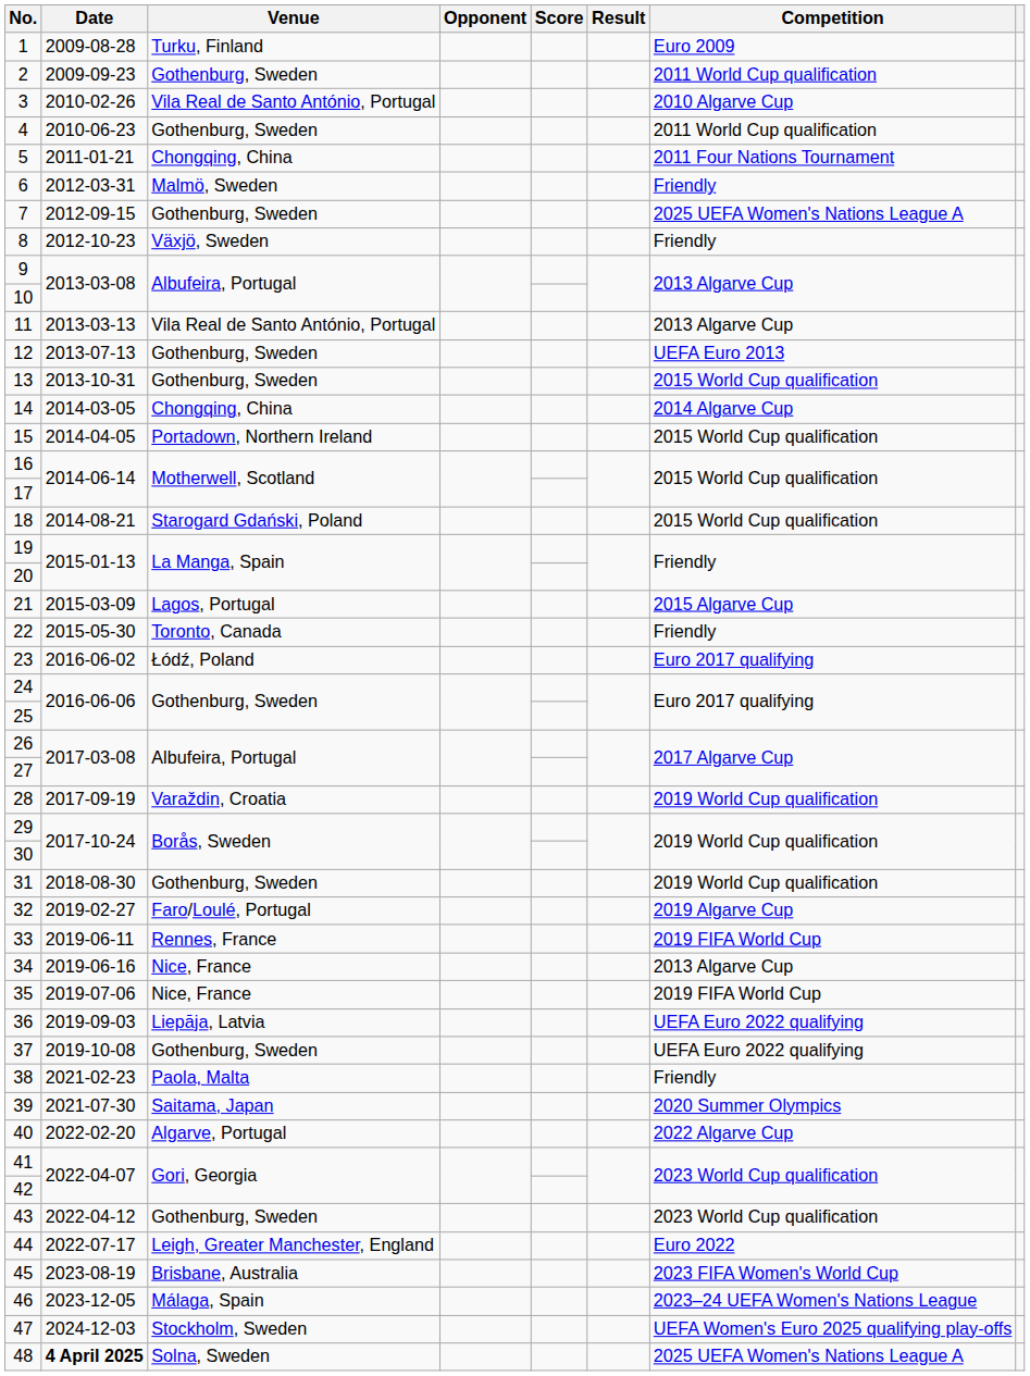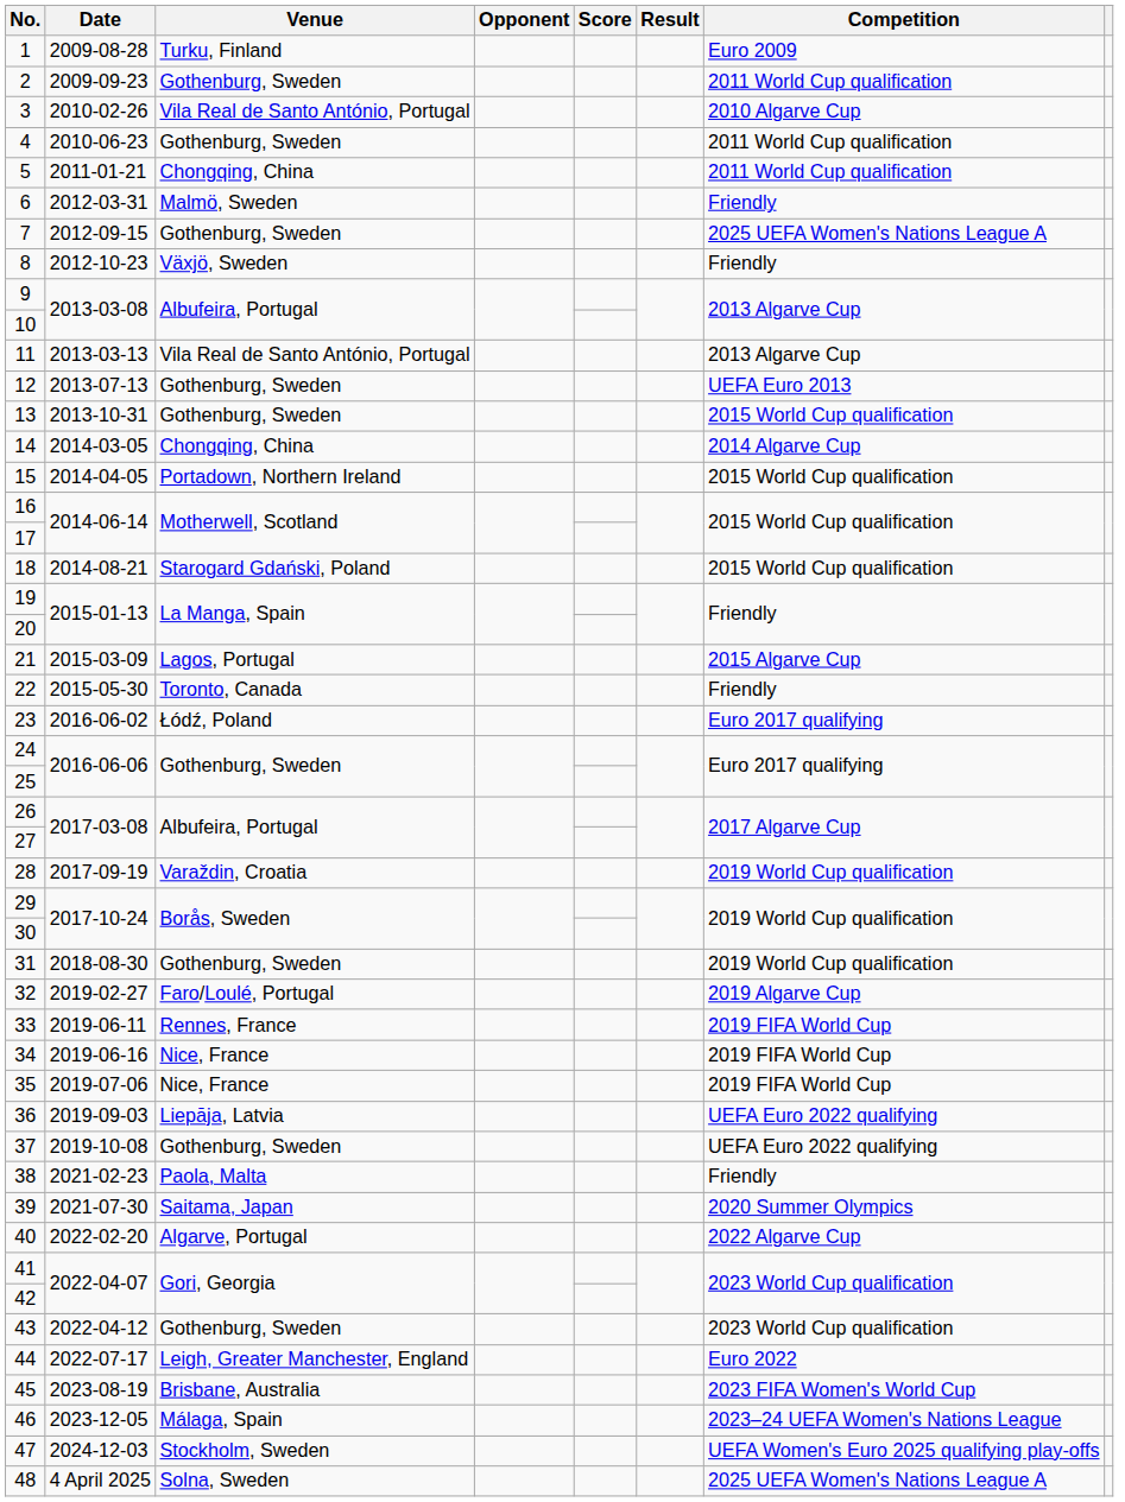 <table class="wikitable sortable">
 <tr>
 <th scope="col">No.</th>
 <th scope="col">Date</th>
 <th scope="col">Venue</th>
 <th scope="col">Opponent</th>
 <th scope="col">Score</th>
 <th scope="col">Result</th>
 <th scope="col">Competition</th>
 <th scope="col" class="unsortable"></th>
 </tr>
 <tr>
 <td align="center">1</td>
 <td>2009-08-28</td>
 <td><a href='#'>Turku</a>, Finland</td>
 <td></td>
 <td align="center"></td>
 <td align="center"></td>
 <td><a href='#'>Euro 2009</a></td>
 <td></td>
 </tr>
 <tr>
 <td align="center">2</td>
 <td>2009-09-23</td>
 <td><a href='#'>Gothenburg</a>, Sweden</td>
 <td></td>
 <td align="center"></td>
 <td align="center"></td>
 <td><a href='#'>2011 World Cup qualification</a></td>
 <td></td>
 </tr>
 <tr>
 <td align="center">3</td>
 <td>2010-02-26</td>
 <td><a href='#'>Vila Real de Santo António</a>, Portugal</td>
 <td></td>
 <td align="center"></td>
 <td align="center"></td>
 <td><a href='#'>2010 Algarve Cup</a></td>
 <td></td>
 </tr>
 <tr>
 <td align="center">4</td>
 <td>2010-06-23</td>
 <td>Gothenburg, Sweden</td>
 <td></td>
 <td align="center"></td>
 <td align="center"></td>
 <td>2011 World Cup qualification</td>
 <td></td>
 </tr>
 <tr>
 <td align="center">5</td>
 <td>2011-01-21</td>
 <td><a href='#'>Chongqing</a>, China</td>
 <td></td>
 <td align="center"></td>
 <td align="center"></td>
-<td><a href='#'>2011 Four Nations Tournament</a></td>
+<td><a href='#'>2011 World Cup qualification</a></td>
 <td></td>
 </tr>
 <tr>
 <td align="center">6</td>
 <td>2012-03-31</td>
 <td><a href='#'>Malmö</a>, Sweden</td>
 <td></td>
 <td align="center"></td>
 <td align="center"></td>
 <td><a href='#'>Friendly</a></td>
 <td></td>
 </tr>
 <tr>
 <td align="center">7</td>
 <td>2012-09-15</td>
 <td>Gothenburg, Sweden</td>
 <td></td>
 <td align="center"></td>
 <td align="center"></td>
 <td><a href='#'>2025 UEFA Women's Nations League A</a></td>
 <td></td>
 </tr>
 <tr>
 <td align="center">8</td>
 <td>2012-10-23</td>
 <td><a href='#'>Växjö</a>, Sweden</td>
 <td></td>
 <td align="center"></td>
 <td align="center"></td>
 <td>Friendly</td>
 <td></td>
 </tr>
 <tr>
 <td align="center">9</td>
 <td rowspan="2">2013-03-08</td>
 <td rowspan="2"><a href='#'>Albufeira</a>, Portugal</td>
 <td rowspan="2"></td>
 <td align="center"></td>
 <td rowspan="2" style="text-align:center"></td>
 <td rowspan="2"><a href='#'>2013 Algarve Cup</a></td>
 <td rowspan="2"></td>
 </tr>
 <tr>
 <td align="center">10</td>
 <td align="center"></td>
 </tr>
 <tr>
 <td align="center">11</td>
 <td>2013-03-13</td>
 <td>Vila Real de Santo António, Portugal</td>
 <td></td>
 <td align="center"></td>
 <td align="center"></td>
 <td>2013 Algarve Cup</td>
 <td></td>
 </tr>
 <tr>
 <td align="center">12</td>
 <td>2013-07-13</td>
 <td>Gothenburg, Sweden</td>
 <td></td>
 <td align="center"></td>
 <td align="center"></td>
 <td><a href='#'>UEFA Euro 2013</a></td>
 <td></td>
 </tr>
 <tr>
 <td align="center">13</td>
 <td>2013-10-31</td>
 <td>Gothenburg, Sweden</td>
 <td></td>
 <td align="center"></td>
 <td align="center"></td>
 <td><a href='#'>2015 World Cup qualification</a></td>
 <td></td>
 </tr>
 <tr>
 <td align="center">14</td>
 <td>2014-03-05</td>
 <td><a href='#'>Chongqing</a>, China</td>
 <td></td>
 <td align="center"></td>
 <td align="center"></td>
 <td><a href='#'>2014 Algarve Cup</a></td>
 <td></td>
 </tr>
 <tr>
 <td align="center">15</td>
 <td>2014-04-05</td>
 <td><a href='#'>Portadown</a>, Northern Ireland</td>
 <td></td>
 <td align="center"></td>
 <td align="center"></td>
 <td>2015 World Cup qualification</td>
 <td></td>
 </tr>
 <tr>
 <td align="center">16</td>
 <td rowspan="2">2014-06-14</td>
 <td rowspan="2"><a href='#'>Motherwell</a>, Scotland</td>
 <td rowspan="2"></td>
 <td align="center"></td>
 <td rowspan="2" style="text-align:center"></td>
 <td rowspan="2">2015 World Cup qualification</td>
 <td rowspan="2"></td>
 </tr>
 <tr>
 <td align="center">17</td>
 <td align="center"></td>
 </tr>
 <tr>
 <td align="center">18</td>
 <td>2014-08-21</td>
 <td><a href='#'>Starogard Gdański</a>, Poland</td>
 <td></td>
 <td align="center"></td>
 <td align="center"></td>
 <td>2015 World Cup qualification</td>
 <td></td>
 </tr>
 <tr>
 <td align="center">19</td>
 <td rowspan="2">2015-01-13</td>
 <td rowspan="2"><a href='#'>La Manga</a>, Spain</td>
 <td rowspan="2"></td>
 <td align="center"></td>
 <td rowspan="2" style="text-align:center"></td>
 <td rowspan="2">Friendly</td>
 <td rowspan="2"></td>
 </tr>
 <tr>
 <td align="center">20</td>
 <td align="center"></td>
 </tr>
 <tr>
 <td align="center">21</td>
 <td>2015-03-09</td>
 <td><a href='#'>Lagos</a>, Portugal</td>
 <td></td>
 <td align="center"></td>
 <td align="center"></td>
 <td><a href='#'>2015 Algarve Cup</a></td>
 <td></td>
 </tr>
 <tr>
 <td align="center">22</td>
 <td>2015-05-30</td>
 <td><a href='#'>Toronto</a>, Canada</td>
 <td></td>
 <td align="center"></td>
 <td align="center"></td>
 <td>Friendly</td>
 <td></td>
 </tr>
 <tr>
 <td align="center">23</td>
 <td>2016-06-02</td>
 <td>Łódź, Poland</td>
 <td></td>
 <td align="center"></td>
 <td align="center"></td>
 <td><a href='#'>Euro 2017 qualifying</a></td>
 <td></td>
 </tr>
 <tr>
 <td align="center">24</td>
 <td rowspan="2">2016-06-06</td>
 <td rowspan="2">Gothenburg, Sweden</td>
 <td rowspan="2"></td>
 <td align="center"></td>
 <td rowspan="2" style="text-align:center"></td>
 <td rowspan="2">Euro 2017 qualifying</td>
 <td rowspan="2"></td>
 </tr>
 <tr>
 <td align="center">25</td>
 <td align="center"></td>
 </tr>
 <tr>
 <td align="center">26</td>
 <td rowspan="2">2017-03-08</td>
 <td rowspan="2">Albufeira, Portugal</td>
 <td rowspan="2"></td>
 <td align="center"></td>
 <td rowspan="2" style="text-align:center"></td>
 <td rowspan="2"><a href='#'>2017 Algarve Cup</a></td>
 <td rowspan="2"></td>
 </tr>
 <tr>
 <td align="center">27</td>
 <td align="center"></td>
 </tr>
 <tr>
 <td align="center">28</td>
 <td>2017-09-19</td>
 <td><a href='#'>Varaždin</a>, Croatia</td>
 <td></td>
 <td align="center"></td>
 <td align="center"></td>
 <td><a href='#'>2019 World Cup qualification</a></td>
 <td></td>
 </tr>
 <tr>
 <td align="center">29</td>
 <td rowspan="2">2017-10-24</td>
 <td rowspan="2"><a href='#'>Borås</a>, Sweden</td>
 <td rowspan="2"></td>
 <td align="center"></td>
 <td rowspan="2" style="text-align:center"></td>
 <td rowspan="2">2019 World Cup qualification</td>
 <td rowspan="2"></td>
 </tr>
 <tr>
 <td align="center">30</td>
 <td align="center"></td>
 </tr>
 <tr>
 <td align="center">31</td>
 <td>2018-08-30</td>
 <td>Gothenburg, Sweden</td>
 <td></td>
 <td align="center"></td>
 <td align="center"></td>
 <td>2019 World Cup qualification</td>
 <td></td>
 </tr>
 <tr>
 <td align="center">32</td>
 <td>2019-02-27</td>
 <td><a href='#'>Faro</a>/<a href='#'>Loulé</a>, Portugal</td>
 <td></td>
 <td align="center"></td>
 <td align="center"></td>
 <td><a href='#'>2019 Algarve Cup</a></td>
 <td></td>
 </tr>
 <tr>
 <td align="center">33</td>
 <td>2019-06-11</td>
 <td><a href='#'>Rennes</a>, France</td>
 <td></td>
 <td align="center"></td>
 <td align="center"></td>
 <td><a href='#'>2019 FIFA World Cup</a></td>
 <td></td>
 </tr>
 <tr>
 <td align="center">34</td>
 <td>2019-06-16</td>
 <td><a href='#'>Nice</a>, France</td>
 <td></td>
 <td align="center"></td>
 <td align="center"></td>
-<td>2013 Algarve Cup</td>
+<td>2019 FIFA World Cup</td>
 <td></td>
 </tr>
 <tr>
 <td align="center">35</td>
 <td>2019-07-06</td>
 <td>Nice, France</td>
 <td></td>
 <td align="center"></td>
 <td align="center"></td>
 <td>2019 FIFA World Cup</td>
 <td></td>
 </tr>
 <tr>
 <td align="center">36</td>
 <td>2019-09-03</td>
 <td><a href='#'>Liepāja</a>, Latvia</td>
 <td></td>
 <td align="center"></td>
 <td align="center"></td>
 <td><a href='#'>UEFA Euro 2022 qualifying</a></td>
 <td></td>
 </tr>
 <tr>
 <td align="center">37</td>
 <td>2019-10-08</td>
 <td>Gothenburg, Sweden</td>
 <td></td>
 <td align="center"></td>
 <td align="center"></td>
 <td>UEFA Euro 2022 qualifying</td>
 <td></td>
 </tr>
 <tr>
 <td align="center">38</td>
 <td>2021-02-23</td>
 <td><a href='#'>Paola, Malta</a></td>
 <td></td>
 <td align="center"></td>
 <td align="center"></td>
 <td>Friendly</td>
 <td></td>
 </tr>
 <tr>
 <td align="center">39</td>
 <td>2021-07-30</td>
 <td><a href='#'>Saitama, Japan</a></td>
 <td></td>
 <td align="center"></td>
 <td align="center"></td>
 <td><a href='#'>2020 Summer Olympics</a></td>
 <td></td>
 </tr>
 <tr>
 <td align="center">40</td>
 <td>2022-02-20</td>
 <td><a href='#'>Algarve</a>, Portugal</td>
 <td></td>
 <td align="center"></td>
 <td align="center"></td>
 <td><a href='#'>2022 Algarve Cup</a></td>
 <td></td>
 </tr>
 <tr>
 <td align="center">41</td>
 <td rowspan="2">2022-04-07</td>
 <td rowspan="2"><a href='#'>Gori</a>, Georgia</td>
 <td rowspan="2"></td>
 <td align="center"></td>
 <td rowspan="2" style="text-align:center"></td>
 <td rowspan="2"><a href='#'>2023 World Cup qualification</a></td>
 <td rowspan="2"></td>
 </tr>
 <tr>
 <td align="center">42</td>
 <td align="center"></td>
 </tr>
 <tr>
 <td align="center">43</td>
 <td>2022-04-12</td>
 <td>Gothenburg, Sweden</td>
 <td></td>
 <td align="center"></td>
 <td align="center"></td>
 <td>2023 World Cup qualification</td>
 <td></td>
 </tr>
 <tr>
 <td align="center">44</td>
 <td>2022-07-17</td>
 <td><a href='#'>Leigh, Greater Manchester</a>, England</td>
 <td></td>
 <td align="center"></td>
 <td align="center"></td>
 <td><a href='#'>Euro 2022</a></td>
 <td></td>
 </tr>
 <tr>
 <td align="center">45</td>
 <td>2023-08-19</td>
 <td><a href='#'>Brisbane</a>, Australia</td>
 <td></td>
 <td align="center"></td>
 <td align="center"></td>
 <td><a href='#'>2023 FIFA Women's World Cup</a></td>
 <td></td>
 </tr>
 <tr>
 <td align="center">46</td>
 <td>2023-12-05</td>
 <td><a href='#'>Málaga</a>, Spain</td>
 <td></td>
 <td align="center"></td>
 <td align="center"></td>
 <td><a href='#'>2023–24 UEFA Women's Nations League</a></td>
 <td></td>
 </tr>
 <tr>
 <td align="center">47</td>
 <td>2024-12-03</td>
 <td><a href='#'>Stockholm</a>, Sweden</td>
 <td></td>
 <td align="center"></td>
 <td align="center"></td>
 <td><a href='#'>UEFA Women's Euro 2025 qualifying play-offs</a></td>
 <td></td>
 </tr>
 <tr>
 <td align="center">48</td>
-<td><strong>4 April 2025</strong></td>
+<td>4 April 2025</td>
 <td><a href='#'>Solna</a>, Sweden</td>
 <td></td>
 <td align=center></td>
 <td align=center></td>
 <td><a href='#'>2025 UEFA Women's Nations League A</a></td>
 <td></td>
 </tr>
 </table>
